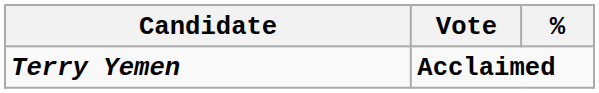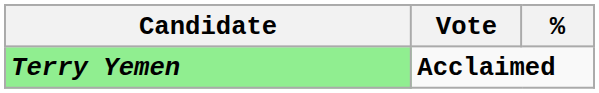 <table class="wikitable">
 <tr>
 <th bgcolor="#DDDDFF" width="200px">Candidate</th>
 <th bgcolor="#DDDDFF" width="50px">Vote</th>
 <th bgcolor="#DDDDFF" width="30px">%</th>
 </tr>
 <tr>
-<td><strong><em>Terry Yemen</em></strong></td>
+<td style="background: lightgreen;"><strong><em>Terry Yemen</em></strong></td>
 <td colspan="2"><strong>Acclaimed</strong></td>
 </tr>
 </table>
